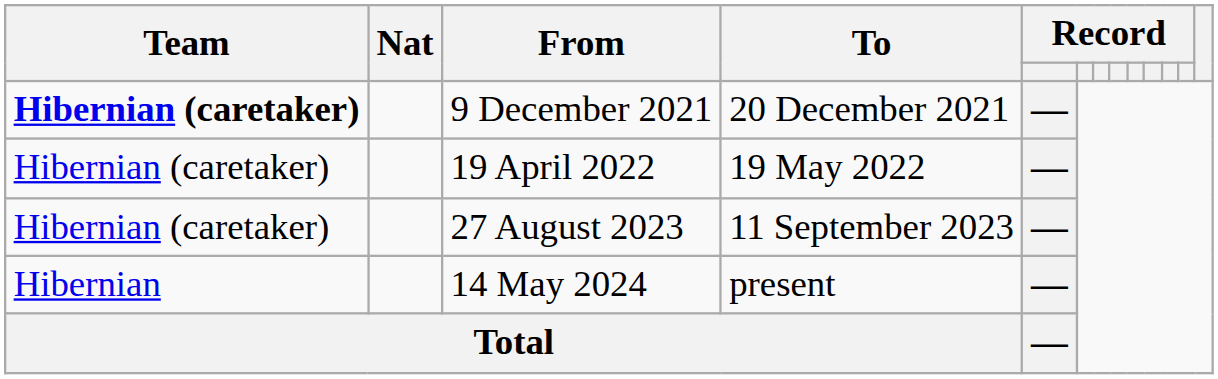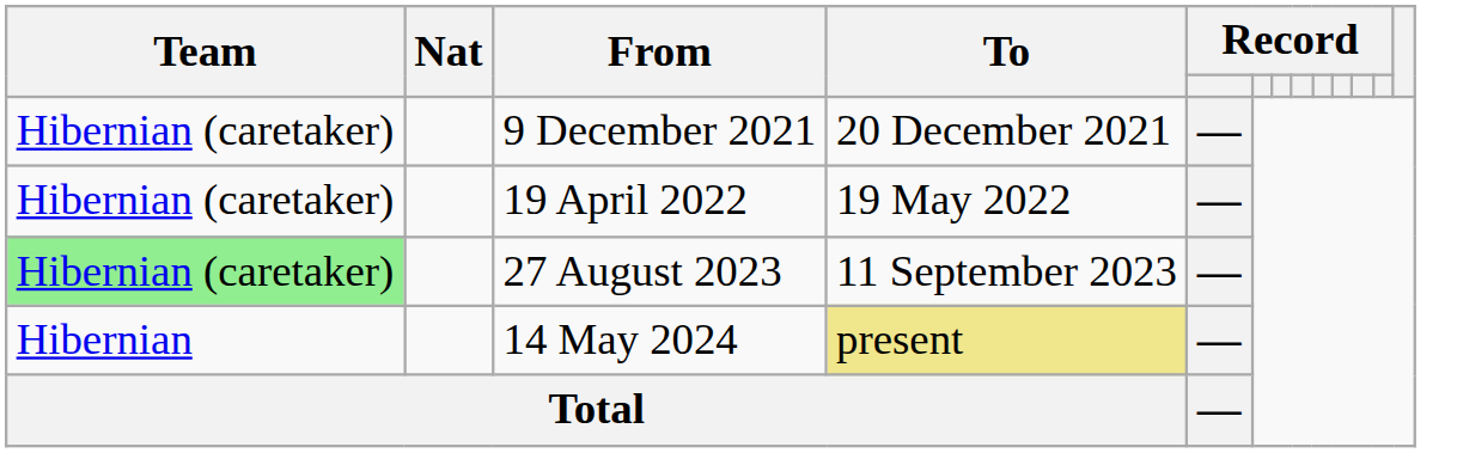 <table class="wikitable" style="text-align:center">
 <tr>
 <th rowspan="2">Team</th>
 <th rowspan="2">Nat</th>
 <th rowspan="2">From</th>
 <th rowspan="2">To</th>
 <th colspan="8">Record</th>
 <th rowspan=2></th>
 </tr>
 <tr>
 <th></th>
 <th></th>
 <th></th>
 <th></th>
 <th></th>
 <th></th>
 <th></th>
 <th></th>
 </tr>
 <tr>
-<td align=left><strong><a href='#'>Hibernian</a> (caretaker)</strong></td>
+<td align=left><a href='#'>Hibernian</a> (caretaker)</td>
 <td></td>
 <td align=left>9 December 2021</td>
 <td align=left>20 December 2021<br></td>
 <th>—</th>
 </tr>
 <tr>
 <td align=left><a href='#'>Hibernian</a> (caretaker)</td>
 <td></td>
 <td align=left>19 April 2022</td>
 <td align=left>19 May 2022<br></td>
 <th>—</th>
 </tr>
 <tr>
-<td align=left><a href='#'>Hibernian</a> (caretaker)</td>
+<td align=left style="background: lightgreen;"><a href='#'>Hibernian</a> (caretaker)</td>
 <td></td>
 <td align=left>27 August 2023</td>
 <td align=left>11 September 2023<br></td>
 <th>—</th>
 </tr>
 <tr>
 <td align=left><a href='#'>Hibernian</a></td>
 <td></td>
 <td align=left>14 May 2024</td>
-<td align=left>present<br></td>
+<td align=left style="background: khaki;">present<br></td>
 <th>—</th>
 </tr>
 <tr>
 <th colspan="4">Total<br></th>
 <th>—</th>
 </tr>
 </table>
